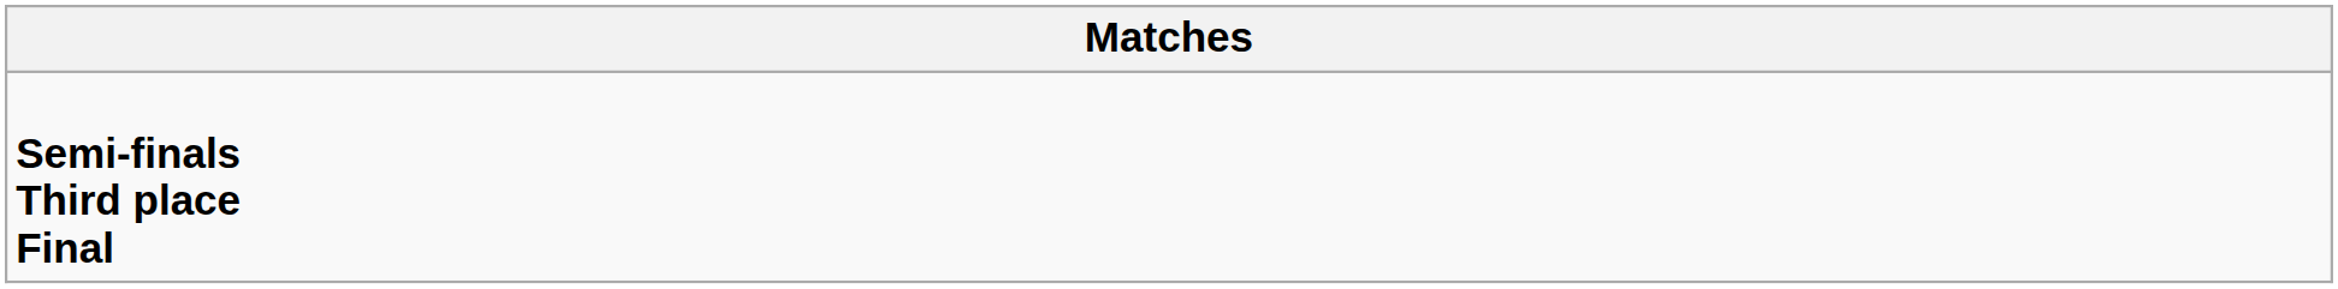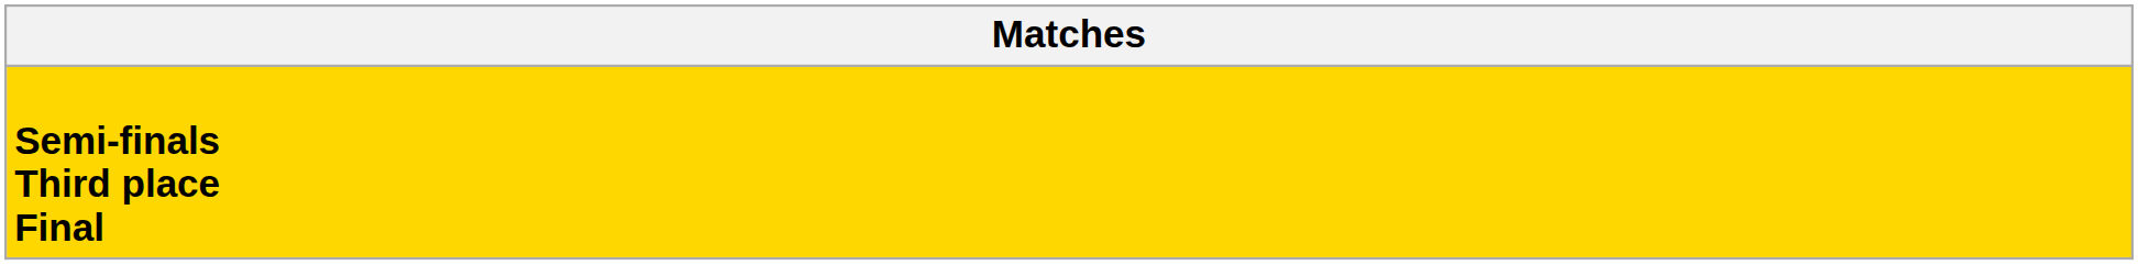 <table class="wikitable collapsible collapsed" style="width:100%;">
 <tr>
 <th>Matches</th>
 </tr>
 <tr>
-<td><br><strong>Semi-finals</strong>  <br><strong>Third place</strong> <br><strong>Final</strong> </td>
+<td style="background: gold;"><br><strong>Semi-finals</strong>  <br><strong>Third place</strong> <br><strong>Final</strong> </td>
 </tr>
 </table>
